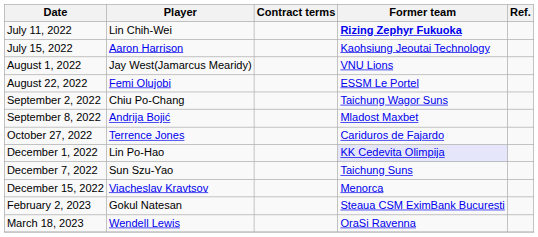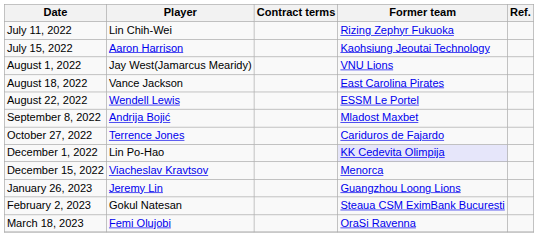 <table class="wikitable">
 <tr>
 <th>Date</th>
 <th>Player</th>
 <th>Contract terms</th>
 <th>Former team</th>
 <th>Ref.</th>
 </tr>
 <tr>
 <td>July 11, 2022</td>
 <td>Lin Chih-Wei</td>
 <td></td>
-<td><strong><a href='#'>Rizing Zephyr Fukuoka</a></strong></td>
+<td><a href='#'>Rizing Zephyr Fukuoka</a></td>
 <td></td>
 </tr>
 <tr>
 <td>July 15, 2022</td>
 <td><a href='#'>Aaron Harrison</a></td>
 <td></td>
 <td><a href='#'>Kaohsiung Jeoutai Technology</a></td>
 <td></td>
 </tr>
 <tr>
 <td>August 1, 2022</td>
 <td>Jay West(Jamarcus Mearidy)</td>
 <td></td>
 <td><a href='#'>VNU Lions</a></td>
 <td></td>
 </tr>
 <tr>
-<td>August 22, 2022</td>
-<td><a href='#'>Femi Olujobi</a></td>
+<td>August 18, 2022</td>
+<td>Vance Jackson</td>
 <td></td>
-<td><a href='#'>ESSM Le Portel</a></td>
+<td><a href='#'>East Carolina Pirates</a></td>
 <td></td>
 </tr>
 <tr>
-<td>September 2, 2022</td>
-<td>Chiu Po-Chang</td>
+<td>August 22, 2022</td>
+<td><a href='#'>Wendell Lewis</a></td>
 <td></td>
-<td><a href='#'>Taichung Wagor Suns</a></td>
+<td><a href='#'>ESSM Le Portel</a></td>
 <td></td>
 </tr>
 <tr>
 <td>September 8, 2022</td>
 <td><a href='#'>Andrija Bojić</a></td>
 <td></td>
 <td><a href='#'>Mladost Maxbet</a></td>
 <td></td>
 </tr>
 <tr>
 <td>October 27, 2022</td>
 <td><a href='#'>Terrence Jones</a></td>
 <td></td>
 <td><a href='#'>Cariduros de Fajardo</a></td>
 <td></td>
 </tr>
 <tr>
 <td>December 1, 2022</td>
 <td>Lin Po-Hao</td>
 <td></td>
 <td style="background: lavender;"><a href='#'>KK Cedevita Olimpija</a></td>
 <td></td>
 </tr>
 <tr>
-<td>December 7, 2022</td>
-<td>Sun Szu-Yao</td>
-<td></td>
-<td><a href='#'>Taichung Suns</a></td>
-<td></td>
-</tr>
-<tr>
 <td>December 15, 2022</td>
 <td><a href='#'>Viacheslav Kravtsov</a></td>
 <td></td>
 <td><a href='#'>Menorca</a></td>
+<td></td>
+</tr>
+<tr>
+<td>January 26, 2023</td>
+<td><a href='#'>Jeremy Lin</a></td>
+<td></td>
+<td><a href='#'>Guangzhou Loong Lions</a></td>
 <td></td>
 </tr>
 <tr>
 <td>February 2, 2023</td>
 <td>Gokul Natesan</td>
 <td></td>
 <td><a href='#'>Steaua CSM EximBank Bucuresti</a></td>
 <td></td>
 </tr>
 <tr>
 <td>March 18, 2023</td>
-<td><a href='#'>Wendell Lewis</a></td>
+<td><a href='#'>Femi Olujobi</a></td>
 <td></td>
 <td><a href='#'>OraSi Ravenna</a></td>
 <td></td>
 </tr>
 <tr>
 </tr>
 </table>
